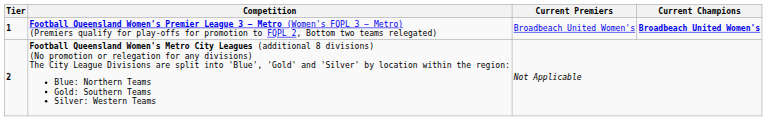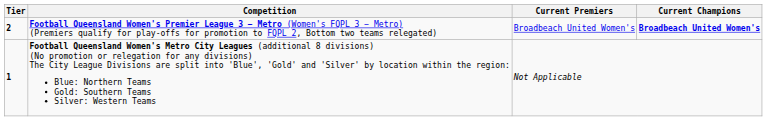 <table class="wikitable">
 <tr>
 <th>Tier</th>
 <th>Competition</th>
 <th>Current Premiers</th>
 <th>Current Champions</th>
 </tr>
 <tr>
-<td><strong>1</strong></td>
+<td><strong>2</strong></td>
 <td><a href='#'><strong>Football Queensland Women's Premier League 3 − Metro</strong> (Women's FQPL 3 − Metro)</a><br>(Premiers qualify for play-offs for promotion to <a href='#'>FQPL 2</a>, Bottom two teams relegated)</td>
 <td><a href='#'>Broadbeach United Women's</a></td>
 <td><strong><a href='#'>Broadbeach United Women's</a></strong></td>
 </tr>
 <tr>
-<td><strong>2</strong></td>
+<td><strong>1</strong></td>
 <td><strong>Football Queensland Women's Metro City Leagues</strong> (additional 8 divisions)<br>(No promotion or relegation for any divisions)<br>The City League Divisions are split into 'Blue', 'Gold' and 'Silver' by location within the region:<ul><li>Blue: Northern Teams</li><li>Gold: Southern Teams</li><li>Silver: Western Teams</li></ul></td>
 <td colspan="2"><em>Not Applicable</em></td>
 </tr>
 </table>
